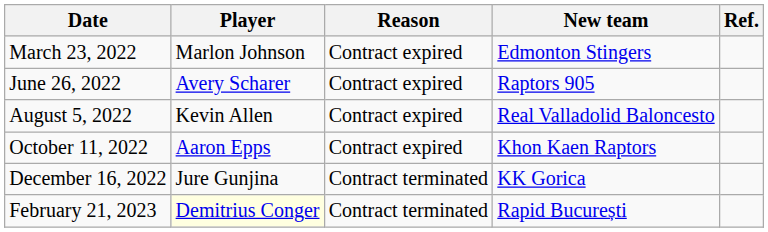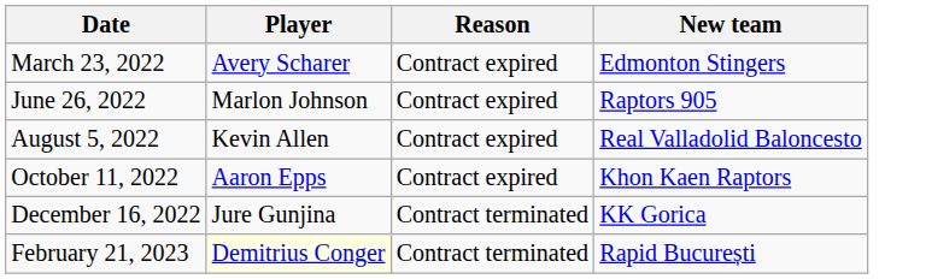 <table class="wikitable">
 <tr>
 <th>Date</th>
 <th>Player</th>
 <th>Reason</th>
 <th>New team</th>
-<th>Ref.</th>
 </tr>
 <tr>
 <td>March 23, 2022</td>
-<td>Marlon Johnson</td>
+<td><a href='#'>Avery Scharer</a></td>
 <td>Contract expired</td>
 <td> <a href='#'>Edmonton Stingers</a></td>
-<td></td>
 </tr>
 <tr>
 <td>June 26, 2022</td>
-<td><a href='#'>Avery Scharer</a></td>
+<td>Marlon Johnson</td>
 <td>Contract expired</td>
 <td> <a href='#'>Raptors 905</a></td>
-<td></td>
 </tr>
 <tr>
 <td>August 5, 2022</td>
 <td>Kevin Allen</td>
 <td>Contract expired</td>
 <td> <a href='#'>Real Valladolid Baloncesto</a></td>
-<td></td>
 </tr>
 <tr>
 <td>October 11, 2022</td>
 <td><a href='#'>Aaron Epps</a></td>
 <td>Contract expired</td>
 <td> <a href='#'>Khon Kaen Raptors</a></td>
-<td></td>
 </tr>
 <tr>
 <td>December 16, 2022</td>
 <td>Jure Gunjina</td>
 <td>Contract terminated</td>
 <td> <a href='#'>KK Gorica</a></td>
-<td></td>
 </tr>
 <tr>
 <td>February 21, 2023</td>
 <td style="background: lightyellow;"><a href='#'>Demitrius Conger</a></td>
 <td>Contract terminated</td>
 <td> <a href='#'>Rapid București</a></td>
-<td></td>
 </tr>
 </table>
